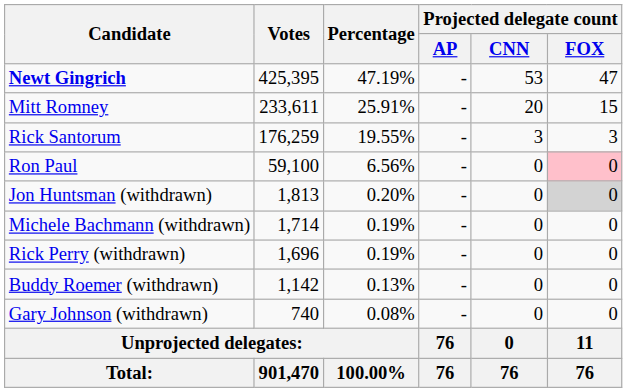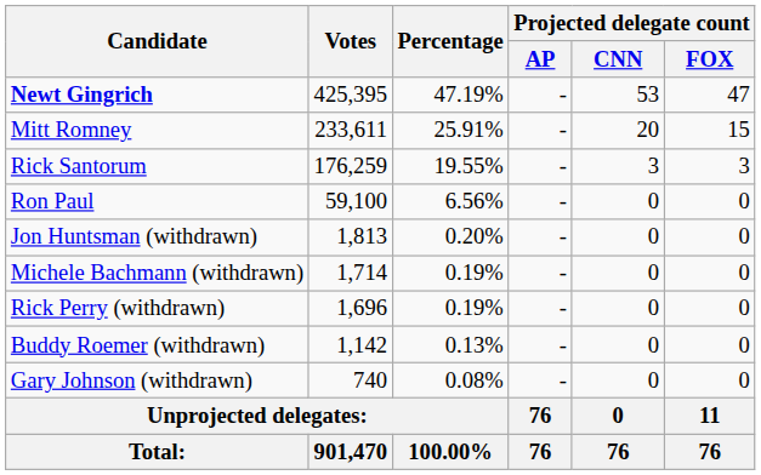 <table class="wikitable" style="text-align:right;">
 <tr>
 <th rowspan="2">Candidate</th>
 <th rowspan="2">Votes</th>
 <th rowspan="2">Percentage</th>
 <th colspan="3">Projected delegate count</th>
 </tr>
 <tr>
 <th><a href='#'>AP</a></th>
 <th><a href='#'>CNN</a><br></th>
 <th><a href='#'>FOX</a><br></th>
 </tr>
 <tr>
 <td style="text-align:left;"> <strong><a href='#'>Newt Gingrich</a></strong></td>
 <td>425,395</td>
 <td>47.19%</td>
 <td>-</td>
 <td>53</td>
 <td>47</td>
 </tr>
 <tr>
 <td style="text-align:left;"><a href='#'>Mitt Romney</a></td>
 <td>233,611</td>
 <td>25.91%</td>
 <td>-</td>
 <td>20</td>
 <td>15</td>
 </tr>
 <tr>
 <td style="text-align:left;"><a href='#'>Rick Santorum</a></td>
 <td>176,259</td>
 <td>19.55%</td>
 <td>-</td>
 <td>3</td>
 <td>3</td>
 </tr>
 <tr>
 <td style="text-align:left;"><a href='#'>Ron Paul</a></td>
 <td>59,100</td>
 <td>6.56%</td>
 <td>-</td>
 <td>0</td>
-<td style="background: pink;">0</td>
+<td>0</td>
 </tr>
 <tr>
 <td style="text-align:left;"><a href='#'>Jon Huntsman</a> (withdrawn)</td>
 <td>1,813</td>
 <td>0.20%</td>
 <td>-</td>
 <td>0</td>
-<td style="background: lightgrey;">0</td>
+<td>0</td>
 </tr>
 <tr>
 <td style="text-align:left;"><a href='#'>Michele Bachmann</a> (withdrawn)</td>
 <td>1,714</td>
 <td>0.19%</td>
 <td>-</td>
 <td>0</td>
 <td>0</td>
 </tr>
 <tr>
 <td style="text-align:left;"><a href='#'>Rick Perry</a> (withdrawn)</td>
 <td>1,696</td>
 <td>0.19%</td>
 <td>-</td>
 <td>0</td>
 <td>0</td>
 </tr>
 <tr>
 <td style="text-align:left;"><a href='#'>Buddy Roemer</a> (withdrawn)</td>
 <td>1,142</td>
 <td>0.13%</td>
 <td>-</td>
 <td>0</td>
 <td>0</td>
 </tr>
 <tr>
 <td style="text-align:left;"><a href='#'>Gary Johnson</a> (withdrawn)</td>
 <td>740</td>
 <td>0.08%</td>
 <td>-</td>
 <td>0</td>
 <td>0</td>
 </tr>
 <tr style="background:#eee;">
 <th colspan="3">Unprojected delegates:</th>
 <th>76</th>
 <th>0</th>
 <th>11</th>
 </tr>
 <tr style="background:#eee;">
 <th>Total:</th>
 <th>901,470</th>
 <th>100.00%</th>
 <th>76</th>
 <th>76</th>
 <th>76</th>
 </tr>
 </table>
